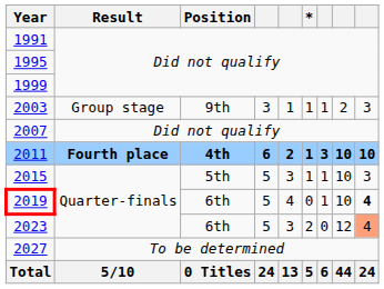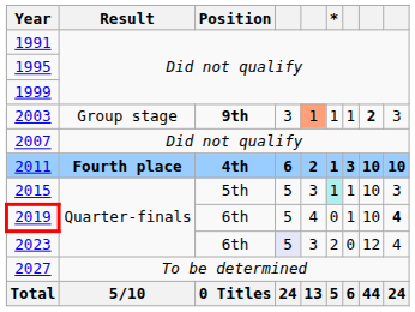 <table class="wikitable" style="text-align: center;">
 <tr>
 <th>Year</th>
 <th>Result</th>
 <th>Position</th>
 <th></th>
 <th></th>
 <th>*</th>
 <th></th>
 <th></th>
 <th></th>
 </tr>
 <tr>
 <td> <a href='#'>1991</a></td>
 <td rowspan=3 colspan=8><em>Did not qualify</em></td>
 </tr>
 <tr>
 <td> <a href='#'>1995</a></td>
 </tr>
 <tr>
 <td> <a href='#'>1999</a></td>
 </tr>
 <tr>
 <td> <a href='#'>2003</a></td>
 <td>Group stage</td>
-<td>9th</td>
+<td><strong>9th</strong></td>
 <td>3</td>
+<td style="background: lightsalmon;">1</td>
 <td>1</td>
 <td>1</td>
-<td>1</td>
-<td>2</td>
+<td><strong>2</strong></td>
 <td>3</td>
 </tr>
 <tr>
 <td> <a href='#'>2007</a></td>
 <td colspan=8><em>Did not qualify</em></td>
 </tr>
 <tr style="background:#9acdff;">
 <td> <a href='#'>2011</a></td>
 <td><strong>Fourth place</strong></td>
 <td><strong>4th</strong></td>
 <td><strong>6</strong></td>
 <td><strong>2</strong></td>
 <td><strong>1</strong></td>
 <td><strong>3</strong></td>
 <td><strong>10</strong></td>
 <td><strong>10</strong></td>
 </tr>
 <tr>
 <td> <a href='#'>2015</a></td>
 <td rowspan=3>Quarter-finals</td>
 <td>5th</td>
 <td>5</td>
 <td>3</td>
-<td>1</td>
+<td style="background: paleturquoise;">1</td>
 <td>1</td>
 <td>10</td>
 <td>3</td>
 </tr>
 <tr>
 <td style="border: 3px solid red"> <a href='#'>2019</a></td>
 <td>6th</td>
 <td>5</td>
 <td>4</td>
 <td>0</td>
 <td>1</td>
 <td>10</td>
 <td><strong>4</strong></td>
 </tr>
 <tr>
 <td> <a href='#'>2023</a></td>
 <td>6th</td>
-<td>5</td>
+<td style="background: lavender;">5</td>
 <td>3</td>
 <td>2</td>
 <td>0</td>
 <td>12</td>
-<td style="background: lightsalmon;">4</td>
+<td>4</td>
 </tr>
 <tr>
 <td> <a href='#'>2027</a></td>
 <td colspan=8><em>To be determined</em></td>
 </tr>
 <tr>
 <th>Total</th>
 <th>5/10</th>
 <th>0 Titles</th>
 <th>24</th>
 <th>13</th>
 <th>5</th>
 <th>6</th>
 <th>44</th>
 <th>24</th>
 </tr>
 </table>
